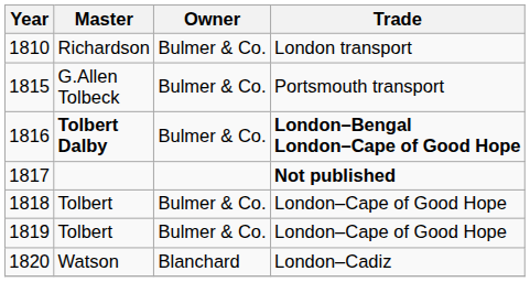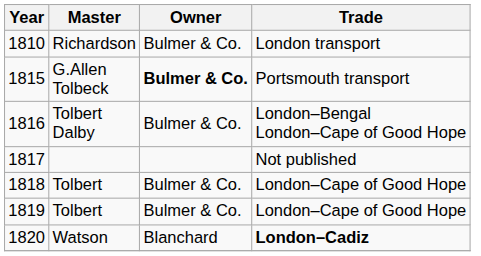 <table class="sortable wikitable">
 <tr>
 <th>Year</th>
 <th>Master</th>
 <th>Owner</th>
 <th>Trade</th>
 </tr>
 <tr>
 <td>1810</td>
 <td>Richardson</td>
 <td>Bulmer & Co.</td>
 <td>London transport</td>
 </tr>
 <tr>
 <td>1815</td>
 <td>G.Allen<br>Tolbeck</td>
-<td>Bulmer & Co.</td>
+<td><strong>Bulmer & Co.</strong></td>
 <td>Portsmouth transport</td>
 </tr>
 <tr>
 <td>1816</td>
-<td><strong>Tolbert<br>Dalby</strong></td>
+<td>Tolbert<br>Dalby</td>
 <td>Bulmer & Co.</td>
-<td><strong>London–Bengal<br>London–Cape of Good Hope</strong></td>
+<td>London–Bengal<br>London–Cape of Good Hope</td>
 </tr>
 <tr>
 <td>1817</td>
 <td></td>
 <td></td>
-<td><strong>Not published</strong></td>
+<td>Not published</td>
 </tr>
 <tr>
 <td>1818</td>
 <td>Tolbert</td>
 <td>Bulmer & Co.</td>
 <td>London–Cape of Good Hope</td>
 </tr>
 <tr>
 <td>1819</td>
 <td>Tolbert</td>
 <td>Bulmer & Co.</td>
 <td>London–Cape of Good Hope</td>
 </tr>
 <tr>
 <td>1820</td>
 <td>Watson</td>
 <td>Blanchard</td>
-<td>London–Cadiz</td>
+<td><strong>London–Cadiz</strong></td>
 </tr>
 <tr>
 </tr>
 </table>
